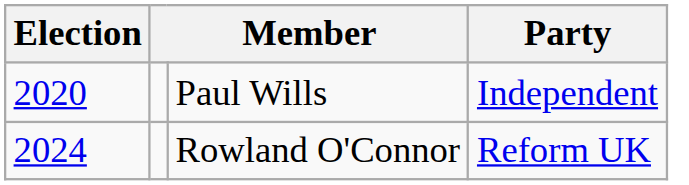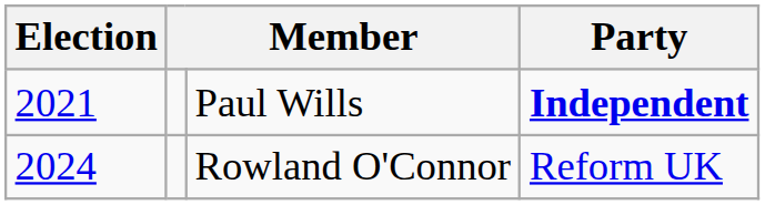 <table class="wikitable">
 <tr>
 <th>Election</th>
 <th colspan="2">Member</th>
 <th>Party</th>
 </tr>
 <tr>
-<td><a href='#'>2020</a></td>
+<td><a href='#'>2021</a></td>
 <td rowspan="1" style="background-color: "></td>
 <td rowspan="1">Paul Wills</td>
-<td rowspan="1"><a href='#'>Independent</a></td>
+<td rowspan="1"><strong><a href='#'>Independent</a></strong></td>
 </tr>
 <tr>
 <td><a href='#'>2024</a></td>
 <td rowspan="1" style="background-color: "></td>
 <td rowspan="1">Rowland O'Connor</td>
 <td rowspan="1"><a href='#'>Reform UK</a></td>
 </tr>
 </table>
